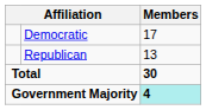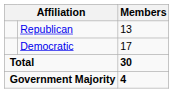 <table class="wikitable">
 <tr>
 <th colspan="2">Affiliation</th>
 <th>Members</th>
 </tr>
 <tr>
 <td style="background-color:"> </td>
-<td><a href='#'>Democratic</a></td>
-<td>17</td>
+<td><a href='#'>Republican</a></td>
+<td>13</td>
 </tr>
 <tr>
 <td style="background-color:"> </td>
-<td><a href='#'>Republican</a></td>
-<td>13</td>
+<td><a href='#'>Democratic</a></td>
+<td>17</td>
 </tr>
 <tr>
 <td colspan="2" rowspan="1"> <strong>Total</strong><br></td>
 <td><strong>30</strong></td>
 </tr>
 <tr>
 <td colspan="2" rowspan="1"> <strong>Government Majority</strong><br></td>
-<td style="background: paleturquoise;"><strong>4</strong></td>
+<td><strong>4</strong></td>
 </tr>
 </table>
